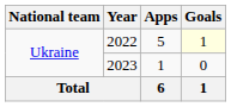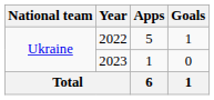 <table class="wikitable" style="text-align: center;">
 <tr>
 <th>National team</th>
 <th>Year</th>
 <th>Apps</th>
 <th>Goals</th>
 </tr>
 <tr>
 <td rowspan="2"><a href='#'>Ukraine</a></td>
 <td>2022</td>
 <td>5</td>
-<td style="background: lightyellow;">1</td>
+<td>1</td>
 </tr>
 <tr>
 <td>2023</td>
 <td>1</td>
 <td>0</td>
 </tr>
 <tr>
 <th colspan="2">Total</th>
 <th>6</th>
 <th>1</th>
 </tr>
 </table>
